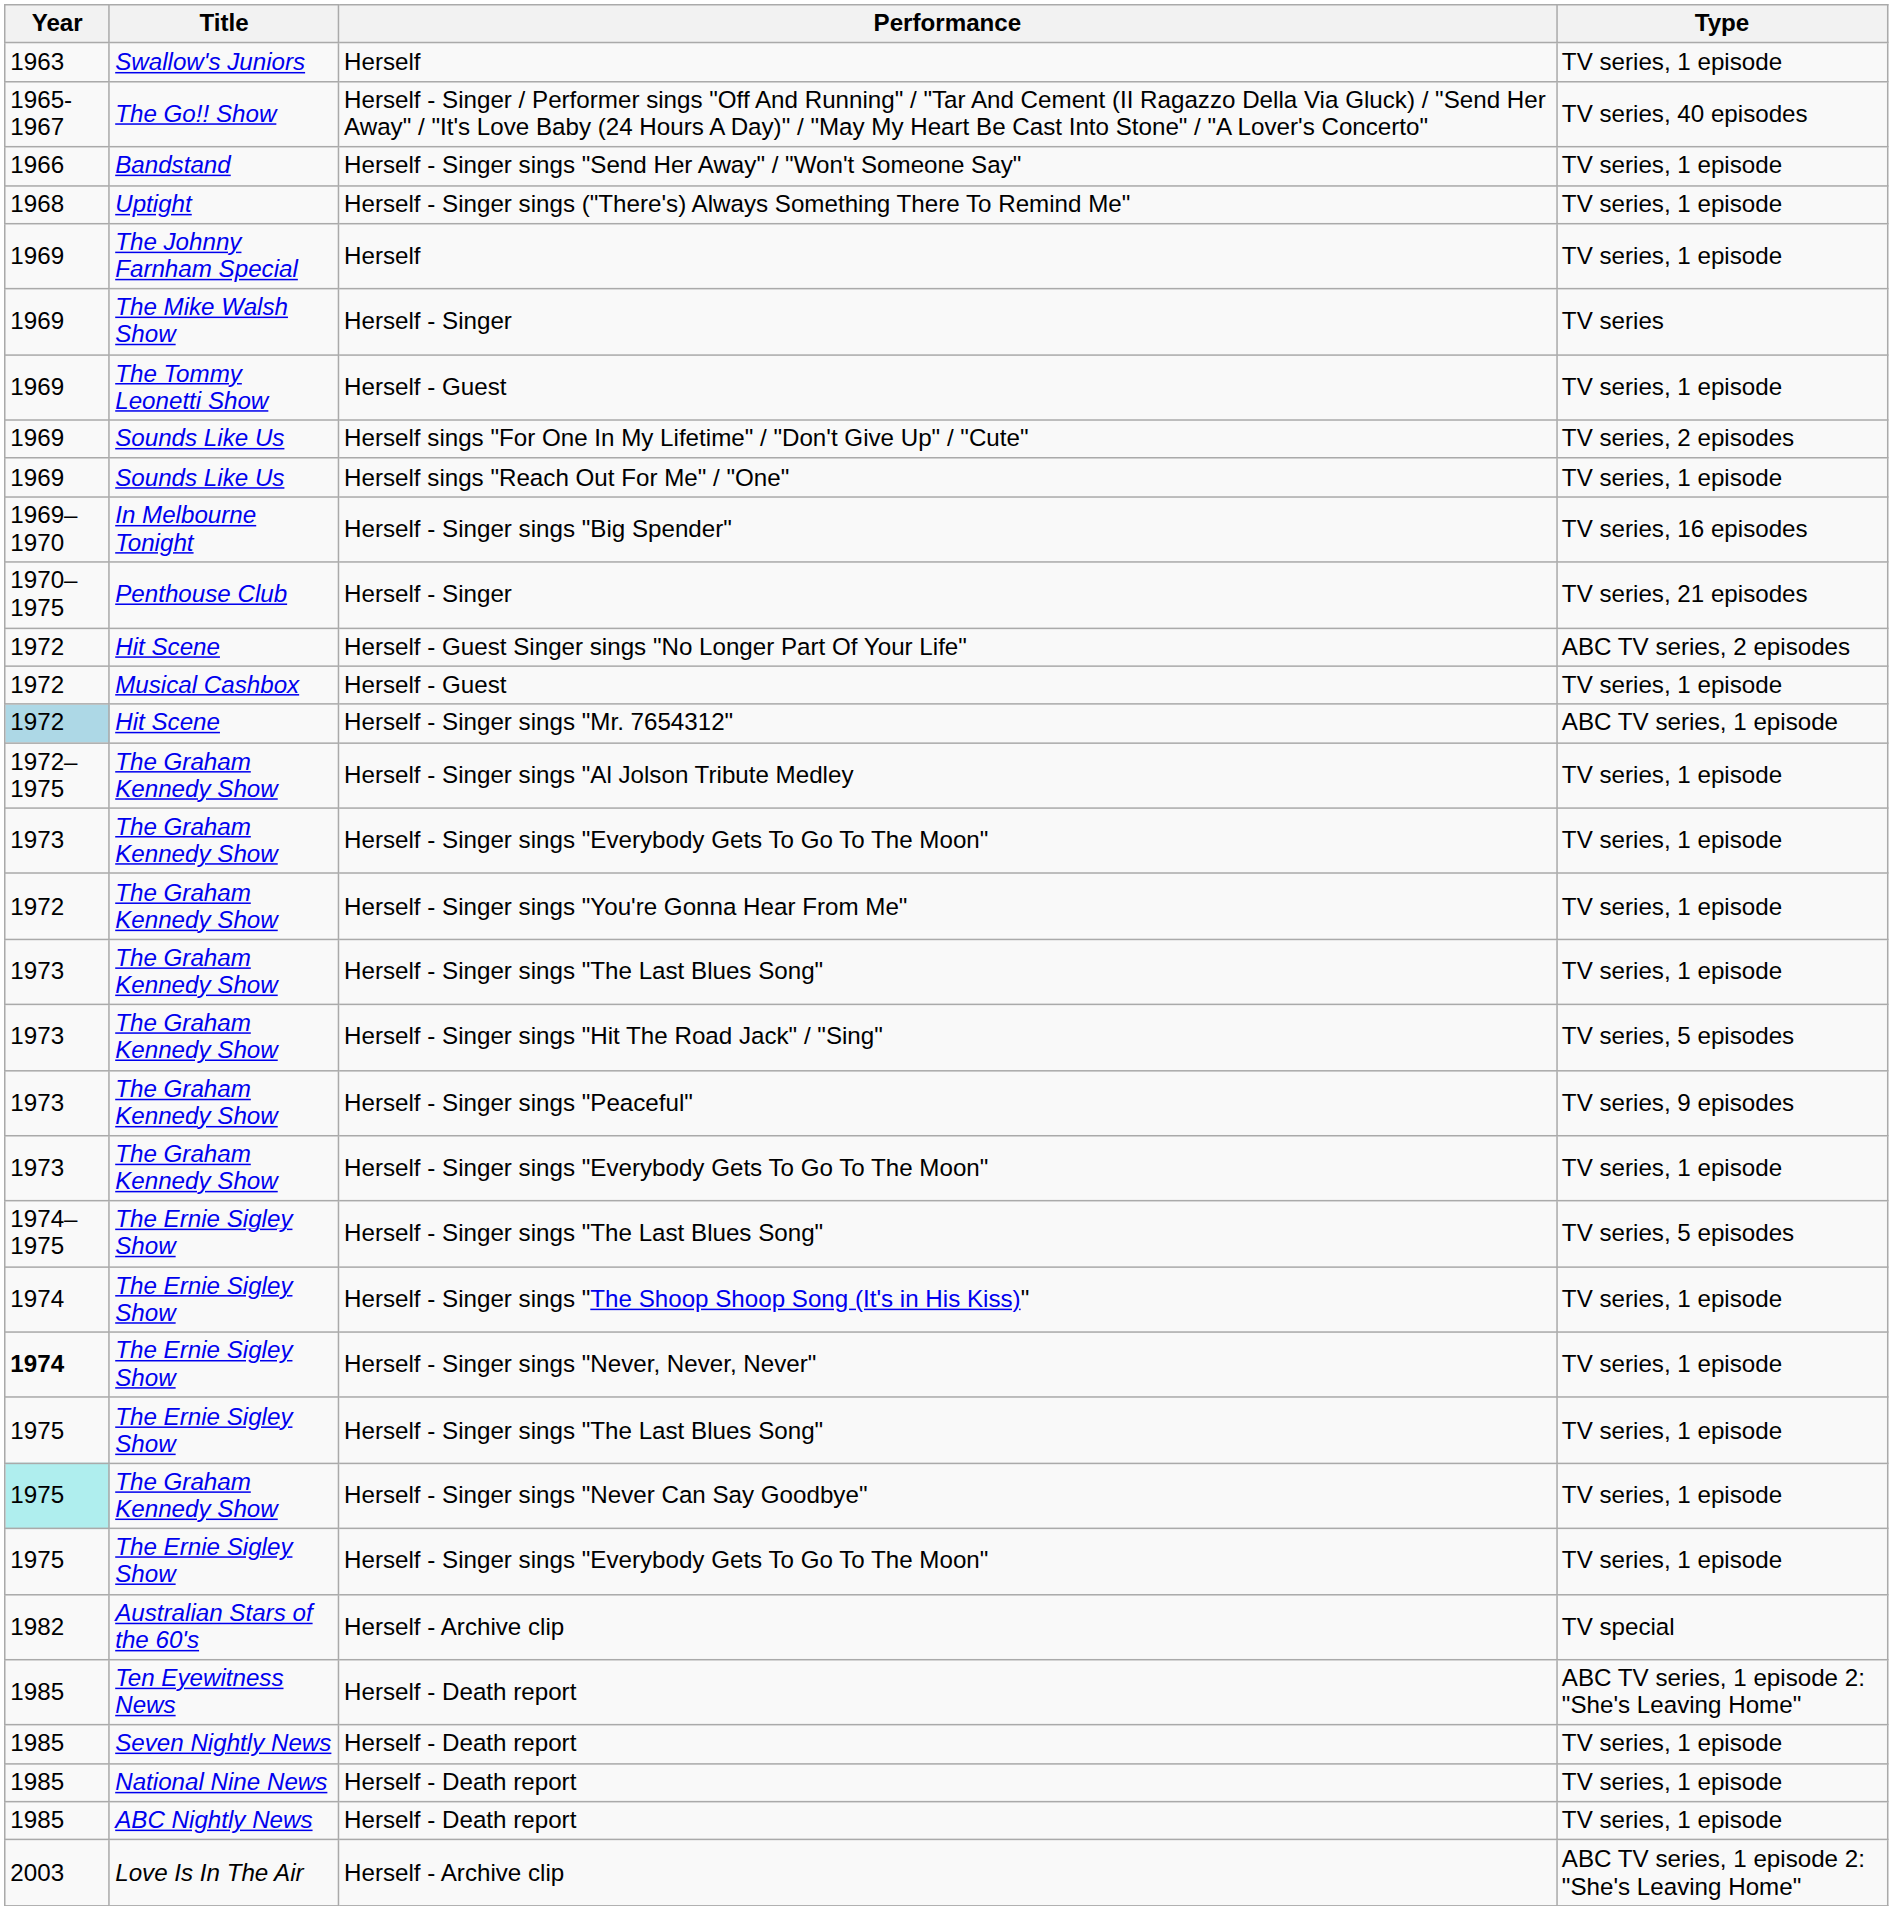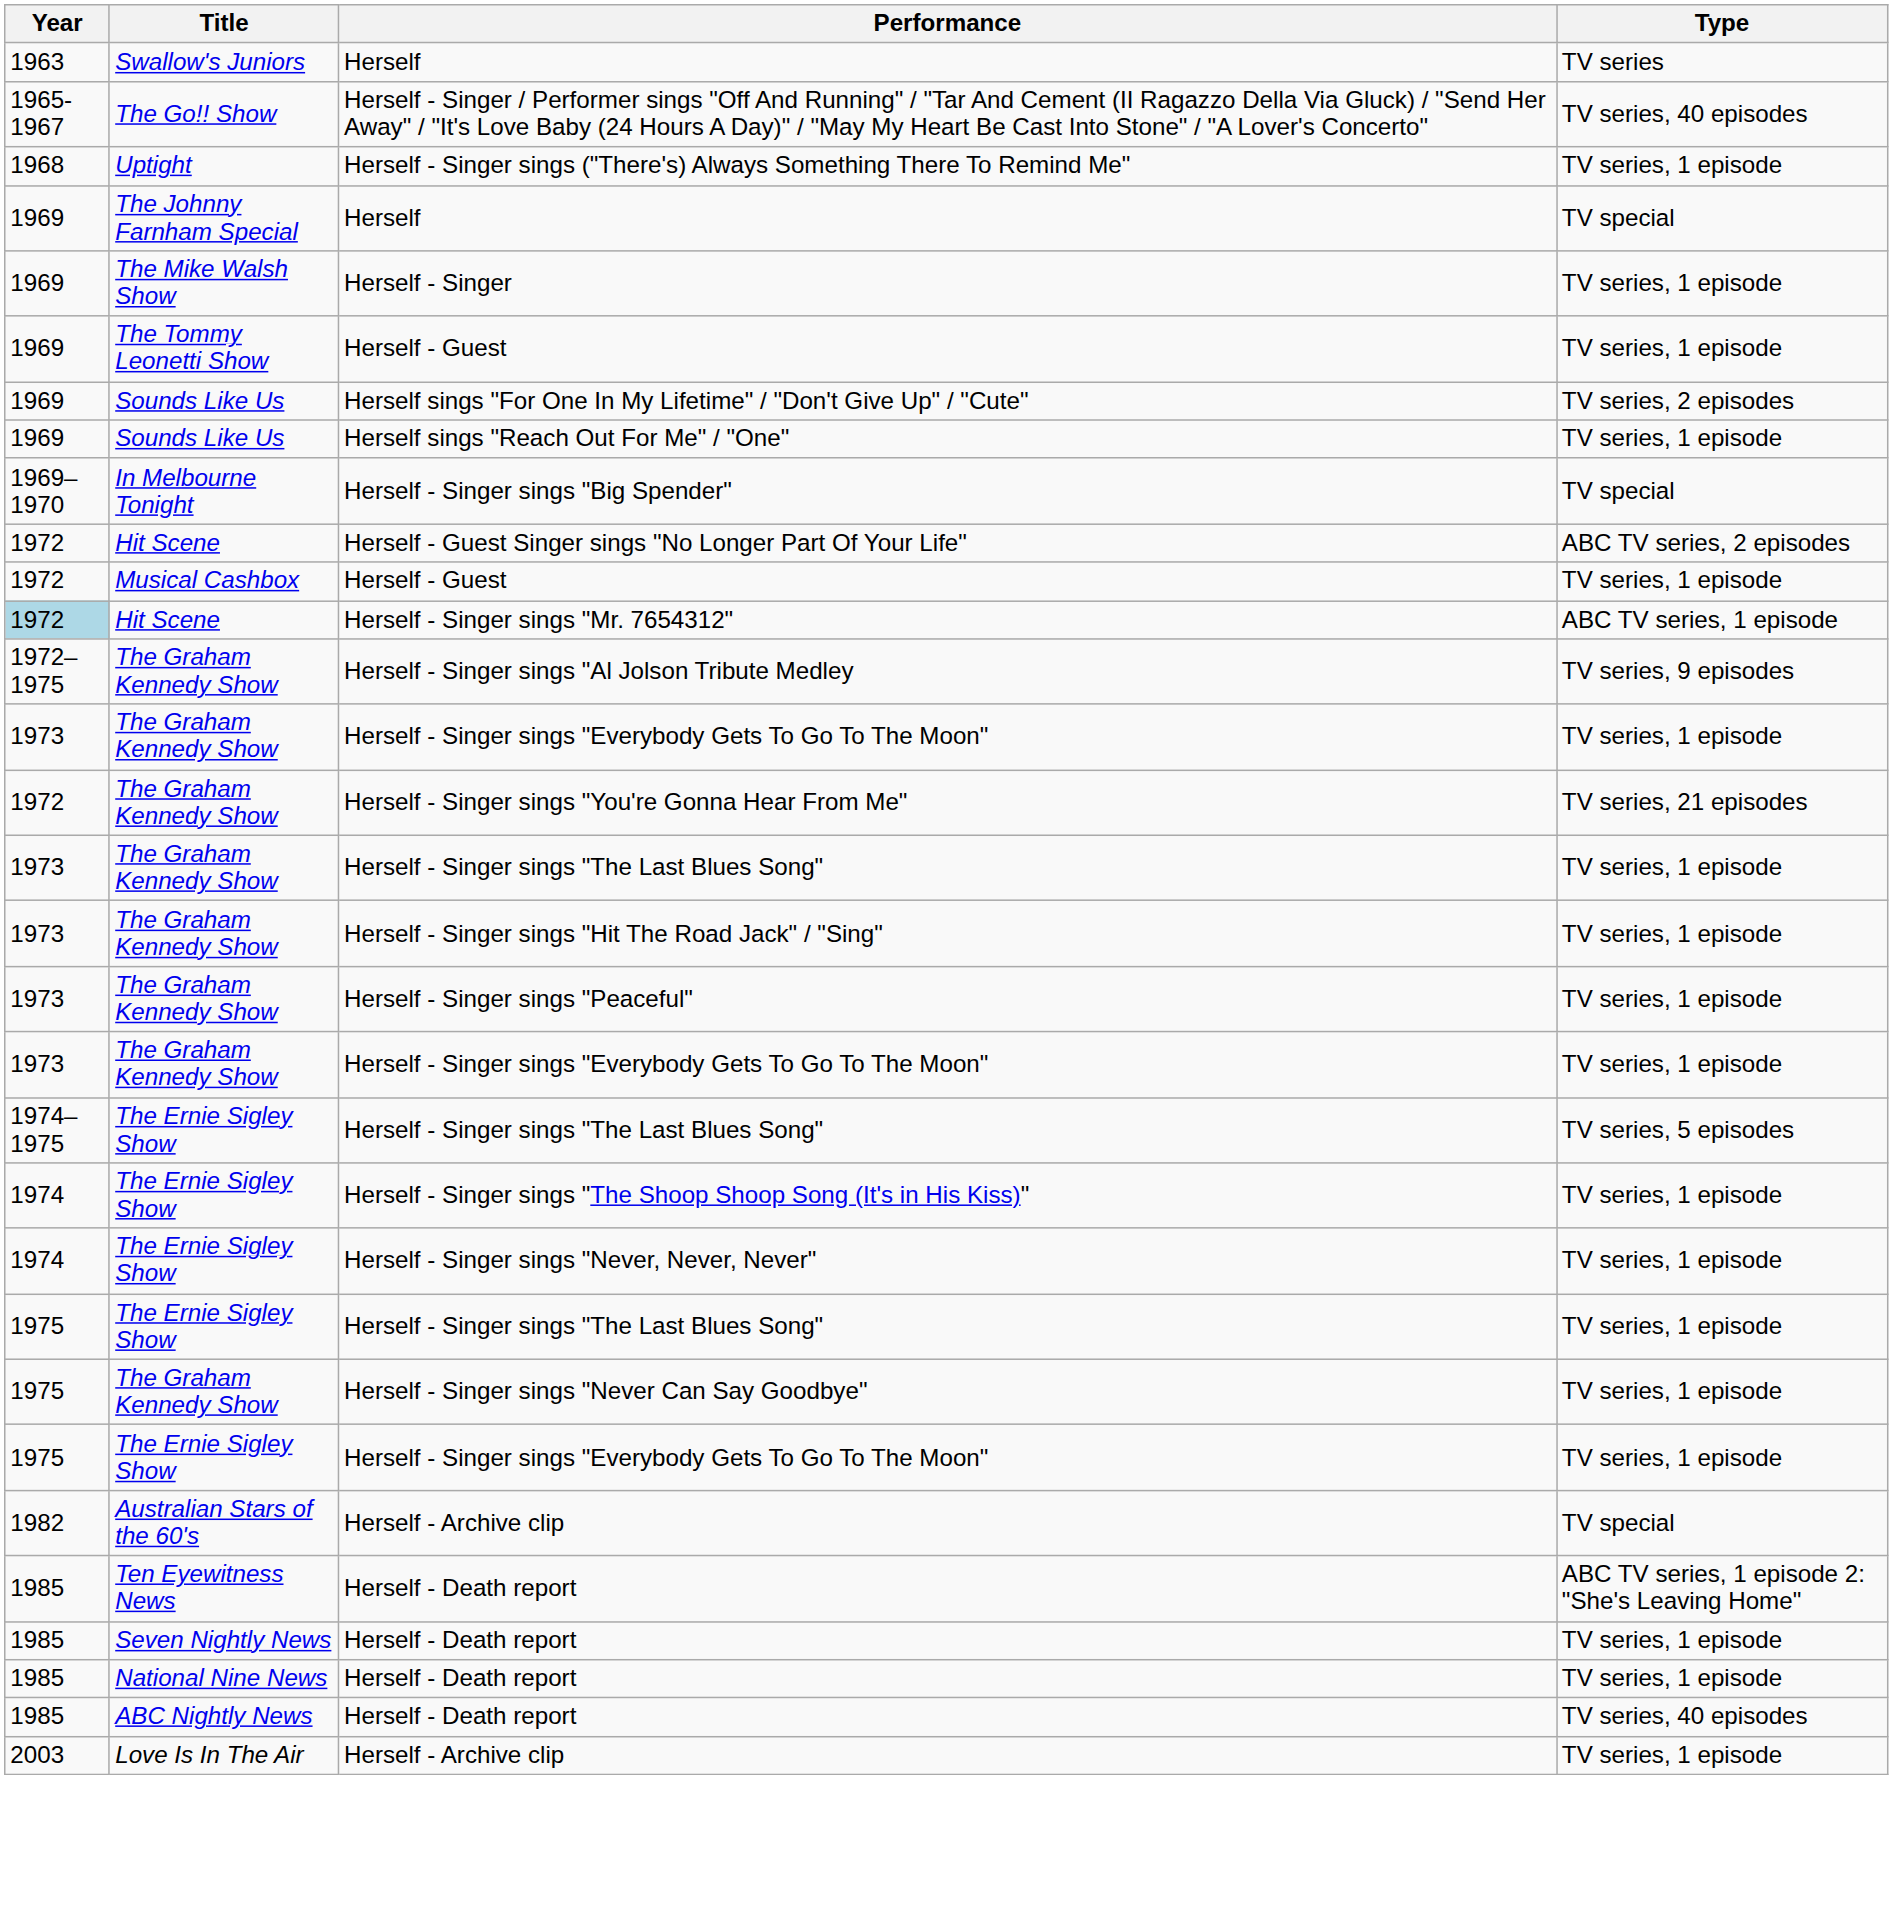 <table class="wikitable">
 <tr>
 <th>Year</th>
 <th>Title</th>
 <th>Performance</th>
 <th>Type</th>
 </tr>
 <tr>
 <td>1963</td>
 <td><em><a href='#'>Swallow's Juniors</a></em></td>
 <td>Herself</td>
-<td>TV series, 1 episode</td>
+<td>TV series</td>
 </tr>
 <tr>
 <td>1965-1967</td>
 <td><em><a href='#'>The Go!! Show</a></em></td>
 <td>Herself - Singer / Performer sings "Off And Running" / "Tar And Cement (II Ragazzo Della Via Gluck) / "Send Her Away" / "It's Love Baby (24 Hours A Day)" / "May My Heart Be Cast Into Stone" / "A Lover's Concerto"</td>
 <td>TV series, 40 episodes</td>
-</tr>
-<tr>
-<td>1966</td>
-<td><em><a href='#'>Bandstand</a></em></td>
-<td>Herself - Singer sings "Send Her Away" / "Won't Someone Say"</td>
-<td>TV series, 1 episode</td>
 </tr>
 <tr>
 <td>1968</td>
 <td><em><a href='#'>Uptight</a></em></td>
 <td>Herself - Singer sings ("There's) Always Something There To Remind Me"</td>
 <td>TV series, 1 episode</td>
 </tr>
 <tr>
 <td>1969</td>
 <td><em><a href='#'>The Johnny Farnham Special</a></em></td>
 <td>Herself</td>
-<td>TV series, 1 episode</td>
+<td>TV special</td>
 </tr>
 <tr>
 <td>1969</td>
 <td><em><a href='#'>The Mike Walsh Show</a></em></td>
 <td>Herself - Singer</td>
-<td>TV series</td>
+<td>TV series, 1 episode</td>
 </tr>
 <tr>
 <td>1969</td>
 <td><em><a href='#'>The Tommy Leonetti Show</a></em></td>
 <td>Herself - Guest</td>
 <td>TV series, 1 episode</td>
 </tr>
 <tr>
 <td>1969</td>
 <td><em><a href='#'>Sounds Like Us</a></em></td>
 <td>Herself sings "For One In My Lifetime" / "Don't Give Up" / "Cute"</td>
 <td>TV series, 2 episodes</td>
 </tr>
 <tr>
 <td>1969</td>
 <td><em><a href='#'>Sounds Like Us</a></em></td>
 <td>Herself sings "Reach Out For Me" / "One"</td>
 <td>TV series, 1 episode</td>
 </tr>
 <tr>
 <td>1969–1970</td>
 <td><em><a href='#'>In Melbourne Tonight</a></em></td>
 <td>Herself - Singer sings "Big Spender"</td>
-<td>TV series, 16 episodes</td>
-</tr>
-<tr>
-<td>1970–1975</td>
-<td><em><a href='#'>Penthouse Club</a></em></td>
-<td>Herself - Singer</td>
-<td>TV series, 21 episodes</td>
+<td>TV special</td>
 </tr>
 <tr>
 <td>1972</td>
 <td><em><a href='#'>Hit Scene</a></em></td>
 <td>Herself - Guest Singer sings "No Longer Part Of Your Life"</td>
 <td>ABC TV series, 2 episodes</td>
 </tr>
 <tr>
 <td>1972</td>
 <td><em><a href='#'>Musical Cashbox</a></em></td>
 <td>Herself - Guest</td>
 <td>TV series, 1 episode</td>
 </tr>
 <tr>
 <td style="background: lightblue;">1972</td>
 <td><em><a href='#'>Hit Scene</a></em></td>
 <td>Herself - Singer sings "Mr. 7654312"</td>
 <td>ABC TV series, 1 episode</td>
 </tr>
 <tr>
 <td>1972–1975</td>
 <td><em><a href='#'>The Graham Kennedy Show</a></em></td>
 <td>Herself - Singer sings "Al Jolson Tribute Medley</td>
-<td>TV series, 1 episode</td>
+<td>TV series, 9 episodes</td>
 </tr>
 <tr>
 <td>1973</td>
 <td><em><a href='#'>The Graham Kennedy Show</a></em></td>
 <td>Herself - Singer sings "Everybody Gets To Go To The Moon"</td>
 <td>TV series, 1 episode</td>
 </tr>
 <tr>
 <td>1972</td>
 <td><em><a href='#'>The Graham Kennedy Show</a></em></td>
 <td>Herself - Singer sings "You're Gonna Hear From Me"</td>
-<td>TV series, 1 episode</td>
+<td>TV series, 21 episodes</td>
 </tr>
 <tr>
 <td>1973</td>
 <td><em><a href='#'>The Graham Kennedy Show</a></em></td>
 <td>Herself - Singer sings "The Last Blues Song"</td>
 <td>TV series, 1 episode</td>
 </tr>
 <tr>
 <td>1973</td>
 <td><em><a href='#'>The Graham Kennedy Show</a></em></td>
 <td>Herself - Singer sings "Hit The Road Jack" / "Sing"</td>
-<td>TV series, 5 episodes</td>
+<td>TV series, 1 episode</td>
 </tr>
 <tr>
 <td>1973</td>
 <td><em><a href='#'>The Graham Kennedy Show</a></em></td>
 <td>Herself - Singer sings "Peaceful"</td>
-<td>TV series, 9 episodes</td>
+<td>TV series, 1 episode</td>
 </tr>
 <tr>
 <td>1973</td>
 <td><em><a href='#'>The Graham Kennedy Show</a></em></td>
 <td>Herself - Singer sings "Everybody Gets To Go To The Moon"</td>
 <td>TV series, 1 episode</td>
 </tr>
 <tr>
 <td>1974–1975</td>
 <td><em><a href='#'>The Ernie Sigley Show</a></em></td>
 <td>Herself - Singer sings "The Last Blues Song"</td>
 <td>TV series, 5 episodes</td>
 </tr>
 <tr>
 <td>1974</td>
 <td><em><a href='#'>The Ernie Sigley Show</a></em></td>
 <td>Herself - Singer sings "<a href='#'>The Shoop Shoop Song (It's in His Kiss)</a>"</td>
 <td>TV series, 1 episode</td>
 </tr>
 <tr>
-<td><strong>1974</strong></td>
+<td>1974</td>
 <td><em><a href='#'>The Ernie Sigley Show</a></em></td>
 <td>Herself - Singer sings "Never, Never, Never"</td>
 <td>TV series, 1 episode</td>
 </tr>
 <tr>
 <td>1975</td>
 <td><em><a href='#'>The Ernie Sigley Show</a></em></td>
 <td>Herself - Singer sings "The Last Blues Song"</td>
 <td>TV series, 1 episode</td>
 </tr>
 <tr>
-<td style="background: paleturquoise;">1975</td>
+<td>1975</td>
 <td><em><a href='#'>The Graham Kennedy Show</a></em></td>
 <td>Herself - Singer sings "Never Can Say Goodbye"</td>
 <td>TV series, 1 episode</td>
 </tr>
 <tr>
 <td>1975</td>
 <td><em><a href='#'>The Ernie Sigley Show</a></em></td>
 <td>Herself - Singer sings "Everybody Gets To Go To The Moon"</td>
 <td>TV series, 1 episode</td>
 </tr>
 <tr>
 <td>1982</td>
 <td><em><a href='#'>Australian Stars of the 60's</a></em></td>
 <td>Herself - Archive clip</td>
 <td>TV special</td>
 </tr>
 <tr>
 <td>1985</td>
 <td><em><a href='#'>Ten Eyewitness News</a></em></td>
 <td>Herself - Death report</td>
 <td>ABC TV series, 1 episode 2: "She's Leaving Home"</td>
 </tr>
 <tr>
 <td>1985</td>
 <td><em><a href='#'>Seven Nightly News</a></em></td>
 <td>Herself - Death report</td>
 <td>TV series, 1 episode</td>
 </tr>
 <tr>
 <td>1985</td>
 <td><em><a href='#'>National Nine News</a></em></td>
 <td>Herself - Death report</td>
 <td>TV series, 1 episode</td>
 </tr>
 <tr>
 <td>1985</td>
 <td><em><a href='#'>ABC Nightly News</a></em></td>
 <td>Herself - Death report</td>
-<td>TV series, 1 episode</td>
+<td>TV series, 40 episodes</td>
 </tr>
 <tr>
 <td>2003</td>
 <td><em>Love Is In The Air</em></td>
 <td>Herself - Archive clip</td>
-<td>ABC TV series, 1 episode 2: "She's Leaving Home"</td>
+<td>TV series, 1 episode</td>
 </tr>
 </table>
